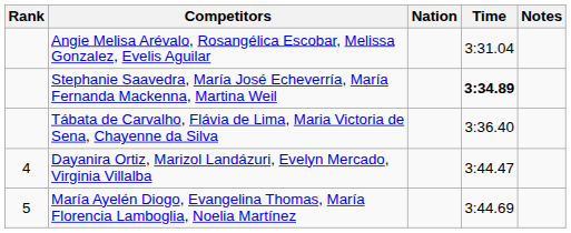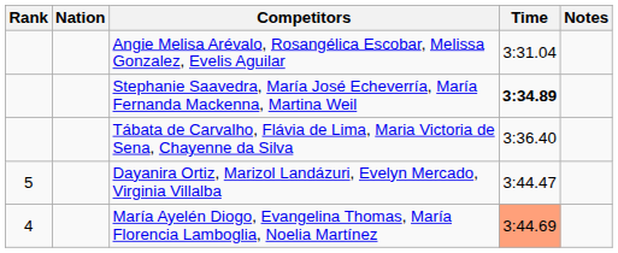 <table class="wikitable sortable" style="text-align:center">
 <tr>
 <th>Rank</th>
+<th>Nation</th>
 <th>Competitors</th>
-<th>Nation</th>
 <th>Time</th>
 <th>Notes</th>
 </tr>
 <tr>
 <td></td>
+<td align=left></td>
 <td align=left><a href='#'>Angie Melisa Arévalo</a>, <a href='#'>Rosangélica Escobar</a>, <a href='#'>Melissa Gonzalez</a>, <a href='#'>Evelis Aguilar</a></td>
-<td align=left></td>
 <td>3:31.04</td>
 <td></td>
 </tr>
 <tr>
 <td></td>
+<td align=left></td>
 <td align=left><a href='#'>Stephanie Saavedra</a>, <a href='#'>María José Echeverría</a>, <a href='#'>María Fernanda Mackenna</a>, <a href='#'>Martina Weil</a></td>
-<td align=left></td>
 <td><strong>3:34.89</strong></td>
 <td></td>
 </tr>
 <tr>
 <td></td>
+<td align=left></td>
 <td align=left><a href='#'>Tábata de Carvalho</a>, <a href='#'>Flávia de Lima</a>, <a href='#'>Maria Victoria de Sena</a>, <a href='#'>Chayenne da Silva</a></td>
-<td align=left></td>
 <td>3:36.40</td>
 <td></td>
 </tr>
 <tr>
-<td>4</td>
+<td>5</td>
+<td align=left></td>
 <td align=left><a href='#'>Dayanira Ortiz</a>, <a href='#'>Marizol Landázuri</a>, <a href='#'>Evelyn Mercado</a>, <a href='#'>Virginia Villalba</a></td>
-<td align=left></td>
 <td>3:44.47</td>
 <td></td>
 </tr>
 <tr>
-<td>5</td>
+<td>4</td>
+<td align=left></td>
 <td align=left><a href='#'>María Ayelén Diogo</a>, <a href='#'>Evangelina Thomas</a>, <a href='#'>María Florencia Lamboglia</a>, <a href='#'>Noelia Martínez</a></td>
-<td align=left></td>
-<td>3:44.69</td>
+<td style="background: lightsalmon;">3:44.69</td>
 <td></td>
 </tr>
 </table>
